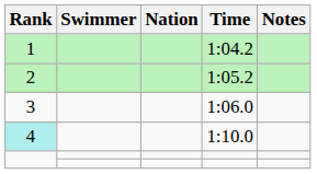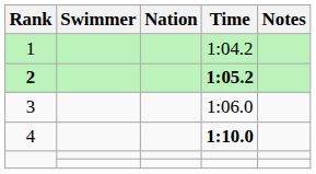 <table class="wikitable sortable" style="text-align:center">
 <tr>
 <th>Rank</th>
 <th>Swimmer</th>
 <th>Nation</th>
 <th>Time</th>
 <th>Notes</th>
 </tr>
 <tr bgcolor=bbf3bb>
 <td>1</td>
 <td align=left></td>
 <td align=left></td>
 <td>1:04.2</td>
 <td></td>
 </tr>
 <tr bgcolor=bbf3bb>
-<td>2</td>
+<td><strong>2</strong></td>
 <td align=left></td>
 <td align=left></td>
-<td>1:05.2</td>
+<td><strong>1:05.2</strong></td>
 <td></td>
 </tr>
 <tr>
 <td>3</td>
 <td align=left></td>
 <td align=left></td>
 <td>1:06.0</td>
 <td></td>
 </tr>
 <tr>
-<td style="background: paleturquoise;">4</td>
+<td>4</td>
 <td align=left></td>
 <td align=left></td>
-<td>1:10.0</td>
+<td><strong>1:10.0</strong></td>
 <td></td>
 </tr>
 <tr>
 <td rowspan=2></td>
 <td align=left></td>
 <td align=left></td>
 <td></td>
 <td></td>
 </tr>
 <tr>
 <td align=left></td>
 <td align=left></td>
 <td></td>
 <td></td>
 </tr>
 </table>
